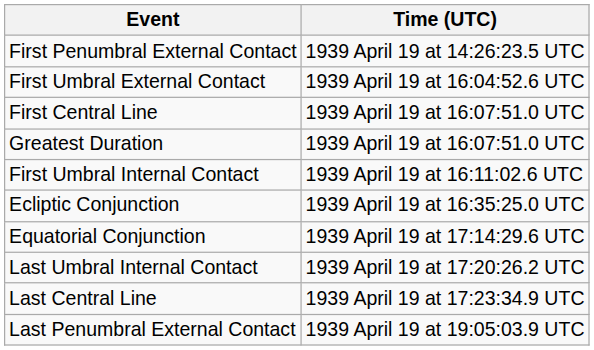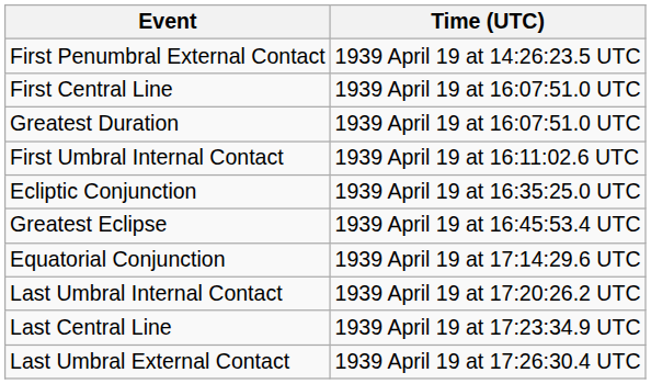 <table class="wikitable">
 <tr>
 <th>Event</th>
 <th>Time (UTC)</th>
 </tr>
 <tr>
 <td>First Penumbral External Contact</td>
 <td>1939 April 19 at 14:26:23.5 UTC</td>
-</tr>
-<tr>
-<td>First Umbral External Contact</td>
-<td>1939 April 19 at 16:04:52.6 UTC</td>
 </tr>
 <tr>
 <td>First Central Line</td>
 <td>1939 April 19 at 16:07:51.0 UTC</td>
 </tr>
 <tr>
 <td>Greatest Duration</td>
 <td>1939 April 19 at 16:07:51.0 UTC</td>
 </tr>
 <tr>
 <td>First Umbral Internal Contact</td>
 <td>1939 April 19 at 16:11:02.6 UTC</td>
 </tr>
 <tr>
 <td>Ecliptic Conjunction</td>
 <td>1939 April 19 at 16:35:25.0 UTC</td>
 </tr>
 <tr>
+<td>Greatest Eclipse</td>
+<td>1939 April 19 at 16:45:53.4 UTC</td>
+</tr>
+<tr>
 <td>Equatorial Conjunction</td>
 <td>1939 April 19 at 17:14:29.6 UTC</td>
 </tr>
 <tr>
 <td>Last Umbral Internal Contact</td>
 <td>1939 April 19 at 17:20:26.2 UTC</td>
 </tr>
 <tr>
 <td>Last Central Line</td>
 <td>1939 April 19 at 17:23:34.9 UTC</td>
 </tr>
 <tr>
-<td>Last Penumbral External Contact</td>
-<td>1939 April 19 at 19:05:03.9 UTC</td>
+<td>Last Umbral External Contact</td>
+<td>1939 April 19 at 17:26:30.4 UTC</td>
 </tr>
 </table>
